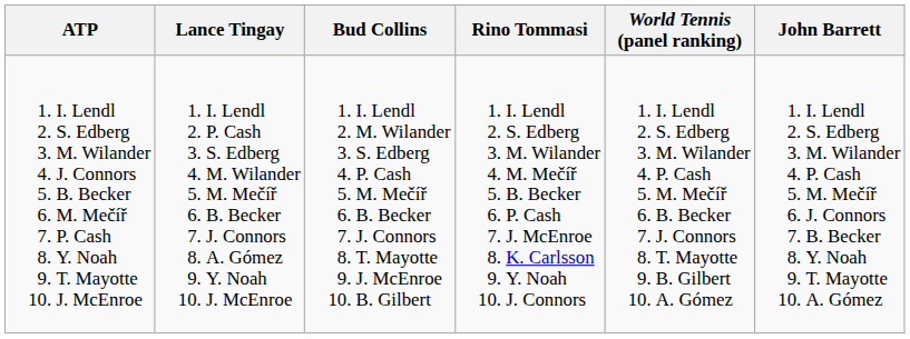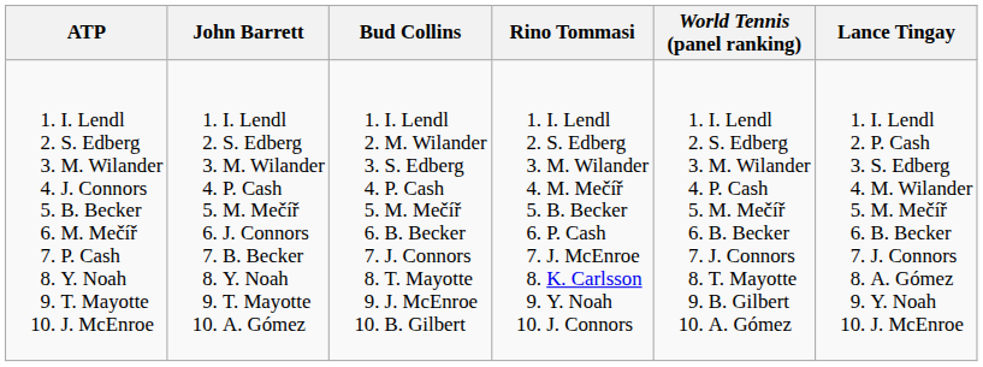 <table class="wikitable">
 <tr>
 <th>ATP</th>
-<th>Lance Tingay</th>
+<th>John Barrett</th>
 <th>Bud Collins</th>
 <th>Rino Tommasi</th>
 <th><em>World Tennis<br></em>(panel ranking)</th>
-<th>John Barrett</th>
+<th>Lance Tingay</th>
 </tr>
 <tr style="vertical-align: top;">
 <td style="white-space: nowrap;"><br><ol><li> I. Lendl</li><li> S. Edberg</li><li> M. Wilander</li><li> J. Connors</li><li> B. Becker</li><li> M. Mečíř</li><li> P. Cash</li><li> Y. Noah</li><li> T. Mayotte</li><li> J. McEnroe</li></ol></td>
-<td style="white-space: nowrap;"><br><ol><li> I. Lendl</li><li> P. Cash</li><li> S. Edberg</li><li> M. Wilander</li><li> M. Mečíř</li><li> B. Becker</li><li> J. Connors</li><li> A. Gómez</li><li> Y. Noah</li><li> J. McEnroe</li></ol></td>
+<td style="white-space: nowrap;"><br><ol><li> I. Lendl</li><li> S. Edberg</li><li> M. Wilander</li><li> P. Cash</li><li> M. Mečíř</li><li> J. Connors</li><li> B. Becker</li><li> Y. Noah</li><li> T. Mayotte</li><li> A. Gómez</li></ol></td>
 <td style="white-space: nowrap;"><br><ol><li> I. Lendl</li><li> M. Wilander</li><li> S. Edberg</li><li> P. Cash</li><li> M. Mečíř</li><li> B. Becker</li><li> J. Connors</li><li> T. Mayotte</li><li> J. McEnroe</li><li> B. Gilbert</li></ol></td>
 <td style="white-space: nowrap;"><br><ol><li> I. Lendl</li><li> S. Edberg</li><li> M. Wilander</li><li> M. Mečíř</li><li> B. Becker</li><li> P. Cash</li><li> J. McEnroe</li><li> <a href='#'>K. Carlsson</a></li><li> Y. Noah</li><li> J. Connors</li></ol></td>
 <td style="white-space: nowrap;"><br><ol><li> I. Lendl</li><li> S. Edberg</li><li> M. Wilander</li><li> P. Cash</li><li> M. Mečíř</li><li> B. Becker</li><li> J. Connors</li><li> T. Mayotte</li><li> B. Gilbert</li><li> A. Gómez</li></ol></td>
-<td style="white-space: nowrap;"><br><ol><li> I. Lendl</li><li> S. Edberg</li><li> M. Wilander</li><li> P. Cash</li><li> M. Mečíř</li><li> J. Connors</li><li> B. Becker</li><li> Y. Noah</li><li> T. Mayotte</li><li> A. Gómez</li></ol></td>
+<td style="white-space: nowrap;"><br><ol><li> I. Lendl</li><li> P. Cash</li><li> S. Edberg</li><li> M. Wilander</li><li> M. Mečíř</li><li> B. Becker</li><li> J. Connors</li><li> A. Gómez</li><li> Y. Noah</li><li> J. McEnroe</li></ol></td>
 </tr>
 </table>
